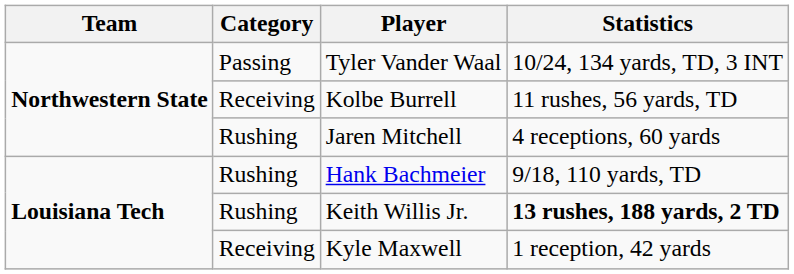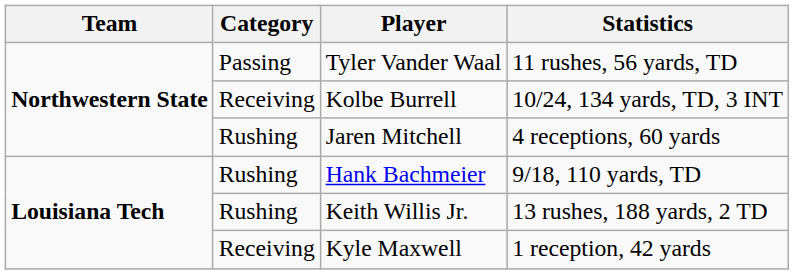 <table class="wikitable" style="float: right;">
 <tr>
 <th>Team</th>
 <th>Category</th>
 <th>Player</th>
 <th>Statistics</th>
 </tr>
 <tr>
 <td rowspan=3><strong>Northwestern State</strong></td>
 <td>Passing</td>
 <td>Tyler Vander Waal</td>
-<td>10/24, 134 yards, TD, 3 INT</td>
+<td>11 rushes, 56 yards, TD</td>
 </tr>
 <tr>
 <td>Receiving</td>
 <td>Kolbe Burrell</td>
-<td>11 rushes, 56 yards, TD</td>
+<td>10/24, 134 yards, TD, 3 INT</td>
 </tr>
 <tr>
 <td>Rushing</td>
 <td>Jaren Mitchell</td>
 <td>4 receptions, 60 yards</td>
 </tr>
 <tr>
 <td rowspan=3><strong>Louisiana Tech</strong></td>
 <td>Rushing</td>
 <td><a href='#'>Hank Bachmeier</a></td>
 <td>9/18, 110 yards, TD</td>
 </tr>
 <tr>
 <td>Rushing</td>
 <td>Keith Willis Jr.</td>
-<td><strong>13 rushes, 188 yards, 2 TD</strong></td>
+<td>13 rushes, 188 yards, 2 TD</td>
 </tr>
 <tr>
 <td>Receiving</td>
 <td>Kyle Maxwell</td>
 <td>1 reception, 42 yards</td>
 </tr>
 </table>
